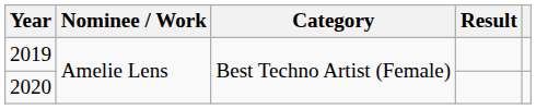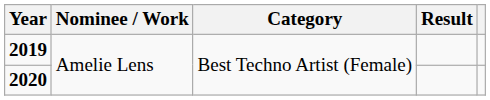 <table class=wikitable>
 <tr>
 <th>Year</th>
 <th>Nominee / Work</th>
 <th>Category</th>
 <th>Result</th>
 <th></th>
 </tr>
 <tr>
-<td>2019</td>
+<td><strong>2019</strong></td>
 <td rowspan="2">Amelie Lens</td>
 <td rowspan="2">Best Techno Artist (Female)</td>
 <td></td>
 <td></td>
 </tr>
 <tr>
-<td>2020</td>
+<td><strong>2020</strong></td>
 <td></td>
 <td></td>
 </tr>
 </table>
